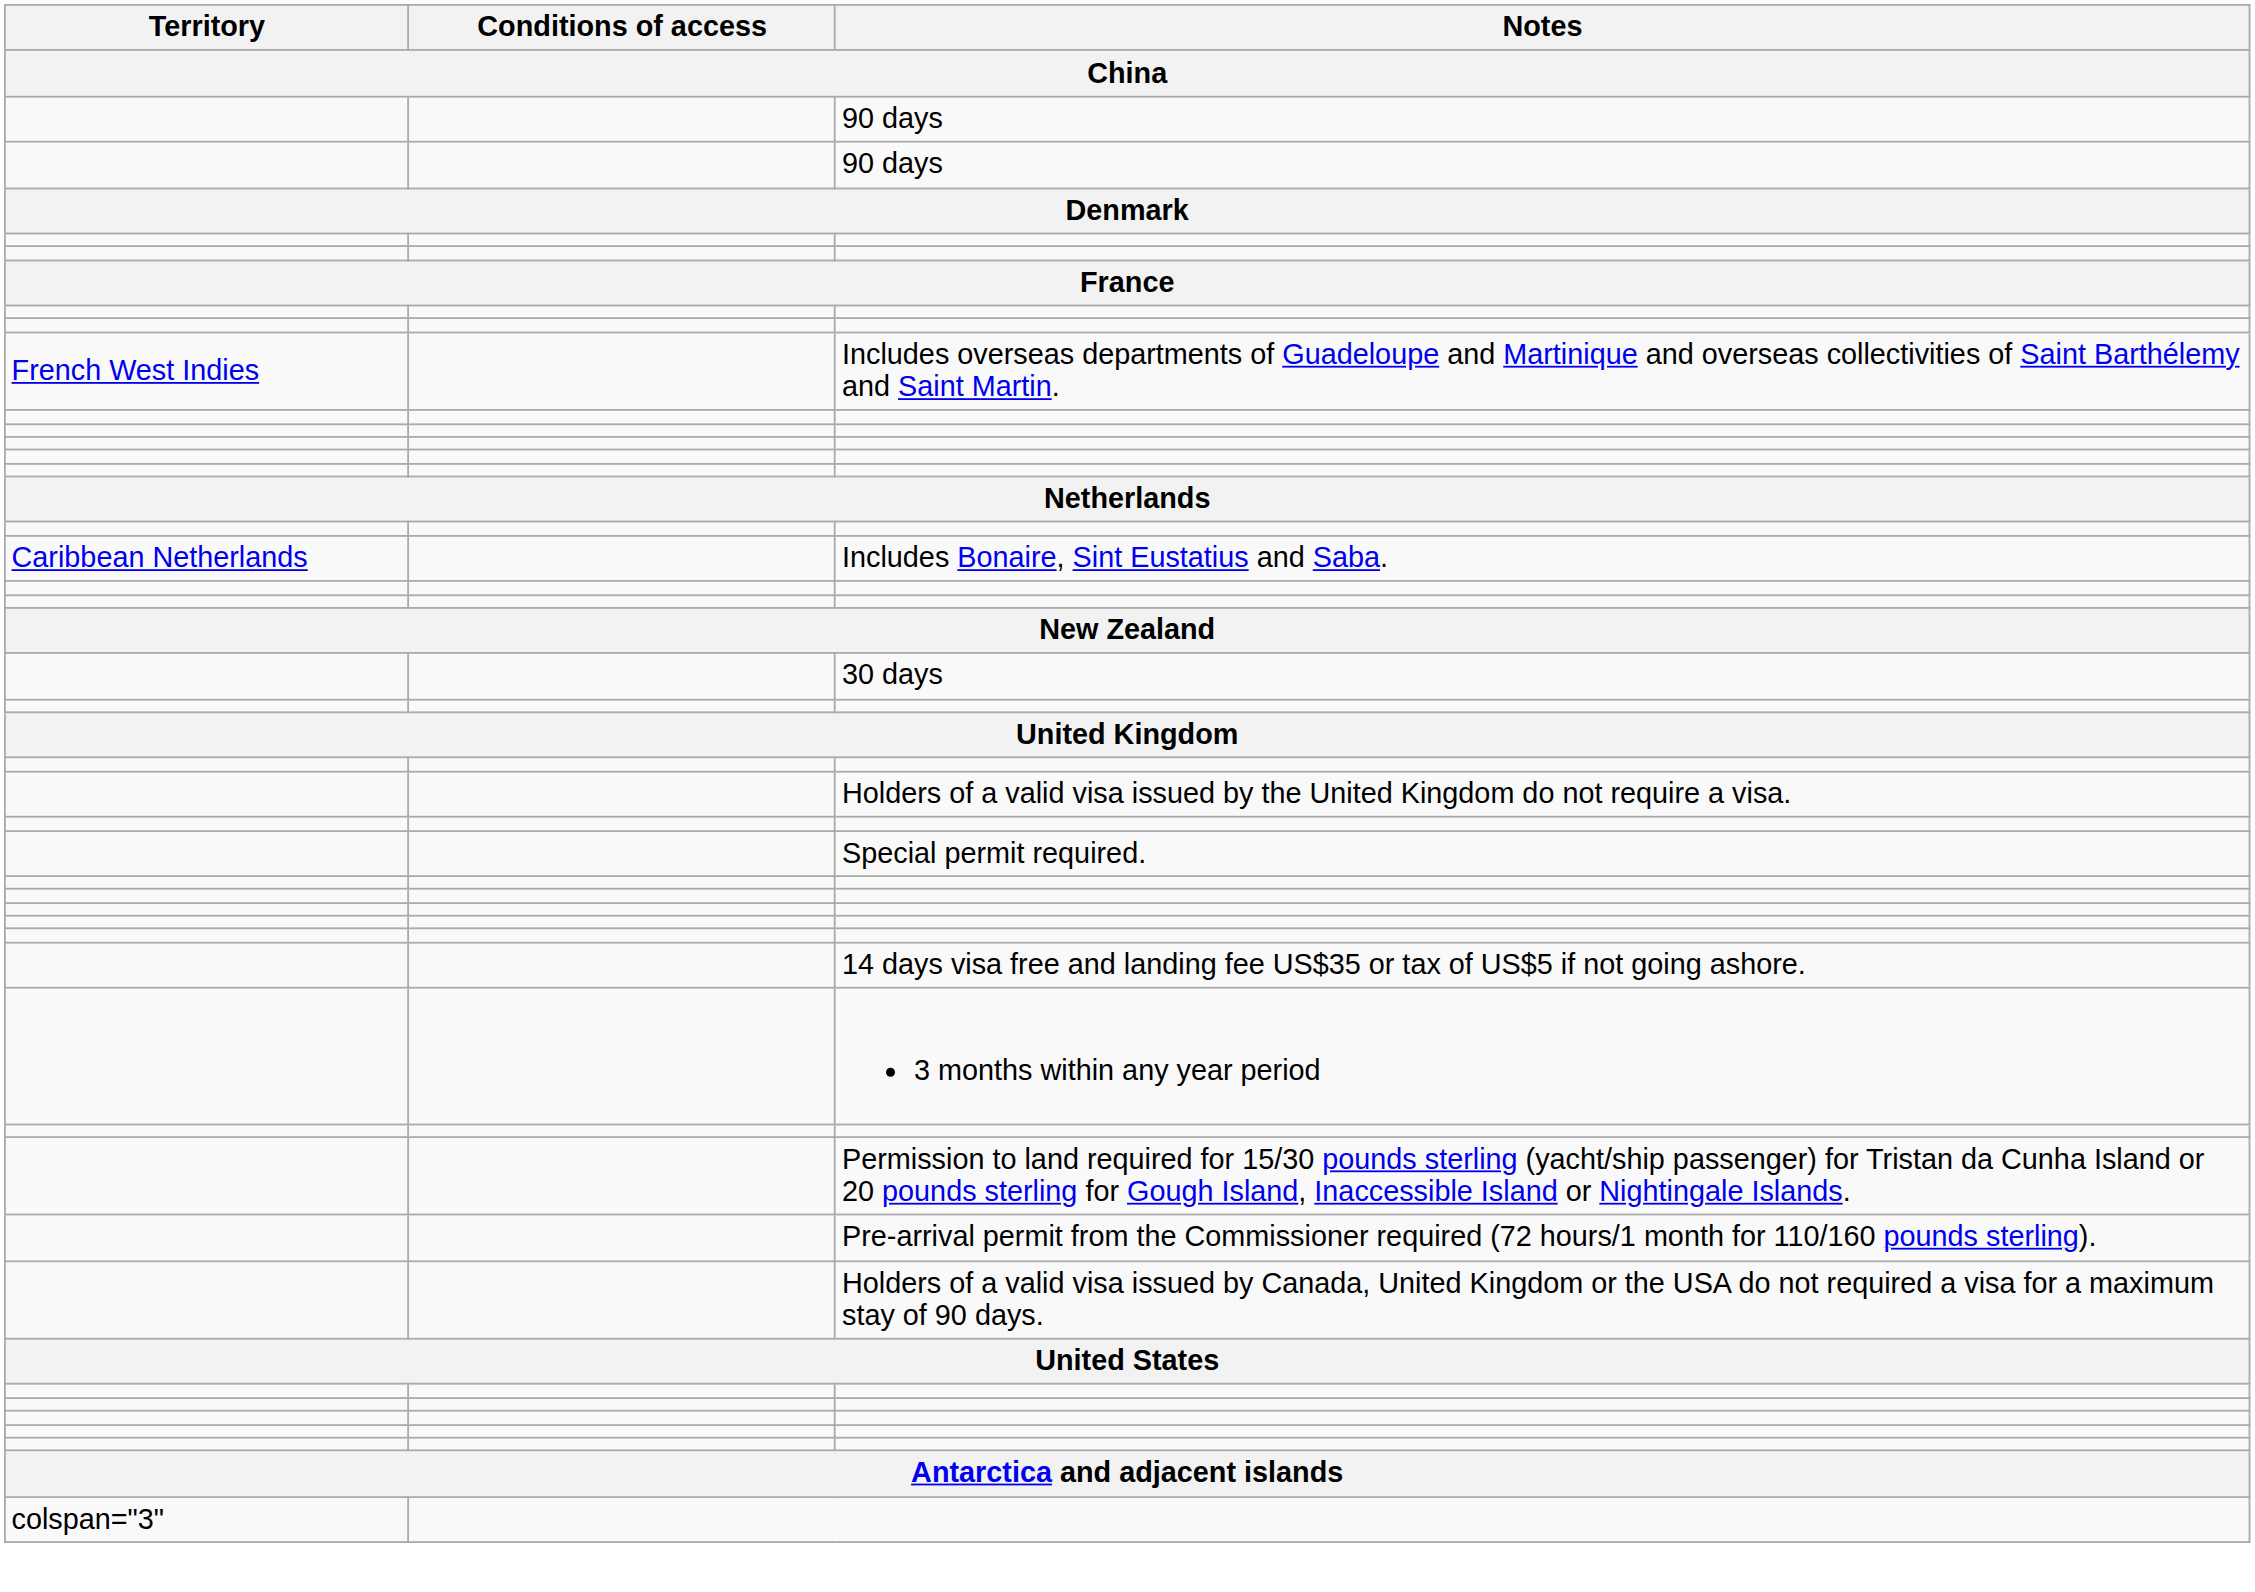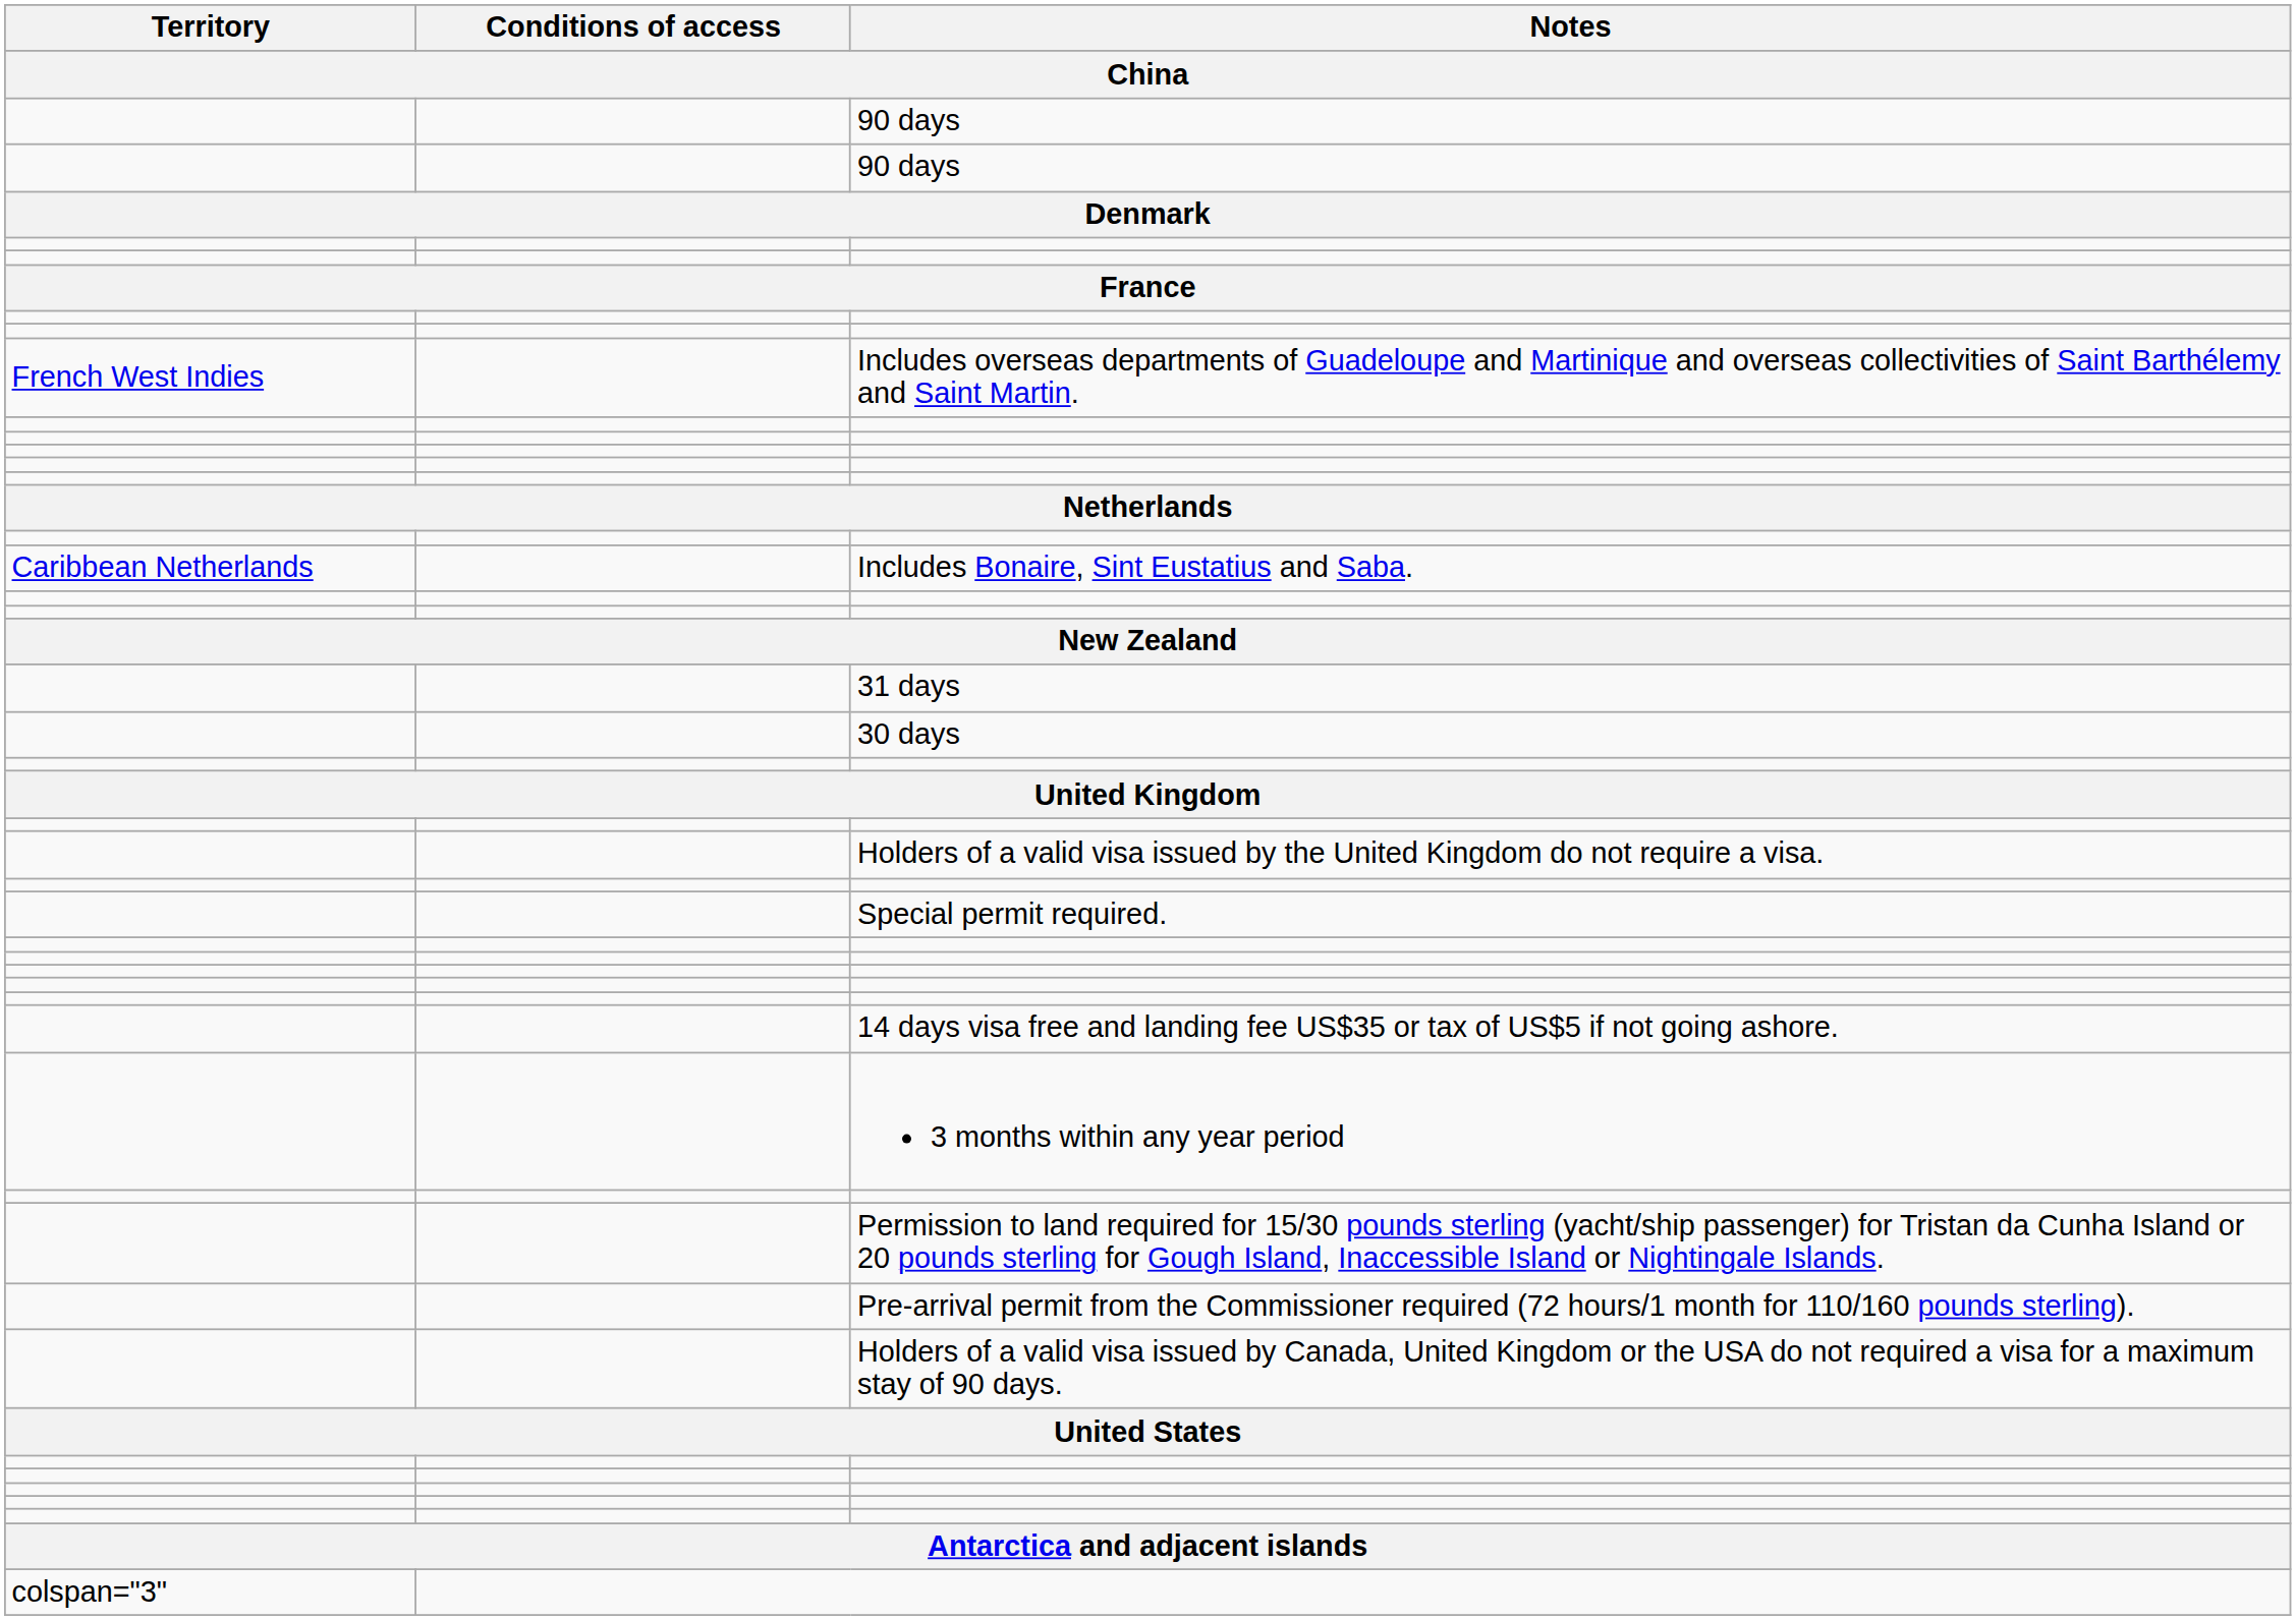 <table class="wikitable" style="text-align: left; table-layout: fixed;">
 <tr>
 <th style="width:18%;">Territory</th>
 <th style="width:19%;">Conditions of access</th>
 <th>Notes</th>
 </tr>
 <tr>
 <th colspan="3">China</th>
 </tr>
 <tr>
 <td></td>
 <td></td>
 <td>90 days</td>
 </tr>
 <tr>
 <td></td>
 <td></td>
 <td>90 days</td>
 </tr>
 <tr>
 <th colspan="3">Denmark</th>
 </tr>
 <tr>
 <td></td>
 <td></td>
 <td></td>
 </tr>
 <tr>
 <td></td>
 <td></td>
 <td></td>
 </tr>
 <tr>
 <th colspan="3">France</th>
 </tr>
 <tr>
 <td></td>
 <td></td>
 <td></td>
 </tr>
 <tr>
 <td></td>
 <td></td>
 <td></td>
 </tr>
 <tr>
 <td> <a href='#'>French West Indies</a></td>
 <td></td>
 <td>Includes overseas departments of <a href='#'>Guadeloupe</a> and <a href='#'>Martinique</a> and overseas collectivities of <a href='#'>Saint Barthélemy</a> and <a href='#'>Saint Martin</a>.</td>
 </tr>
 <tr>
 <td></td>
 <td></td>
 <td></td>
 </tr>
 <tr>
 <td></td>
 <td></td>
 <td></td>
 </tr>
 <tr>
 <td></td>
 <td></td>
 <td></td>
 </tr>
 <tr>
 <td></td>
 <td></td>
 <td></td>
 </tr>
 <tr>
 <td></td>
 <td></td>
 <td></td>
 </tr>
 <tr>
 <th colspan="3">Netherlands</th>
 </tr>
 <tr>
 <td></td>
 <td></td>
 <td></td>
 </tr>
 <tr>
 <td> <a href='#'>Caribbean Netherlands</a></td>
 <td></td>
 <td>Includes <a href='#'>Bonaire</a>, <a href='#'>Sint Eustatius</a> and <a href='#'>Saba</a>.</td>
 </tr>
 <tr>
 <td></td>
 <td></td>
 <td></td>
 </tr>
 <tr>
 <td></td>
 <td></td>
 <td></td>
 </tr>
 <tr>
 <th colspan="3">New Zealand</th>
+</tr>
+<tr>
+<td></td>
+<td></td>
+<td>31 days</td>
 </tr>
 <tr>
 <td></td>
 <td></td>
 <td>30 days</td>
 </tr>
 <tr>
 <td></td>
 <td></td>
 <td></td>
 </tr>
 <tr>
 <th colspan="3">United Kingdom</th>
 </tr>
 <tr>
 <td></td>
 <td></td>
 <td></td>
 </tr>
 <tr>
 <td></td>
 <td></td>
 <td>Holders of a valid visa issued by the United Kingdom do not require a visa.</td>
 </tr>
 <tr>
 <td></td>
 <td></td>
 <td></td>
 </tr>
 <tr>
 <td></td>
 <td></td>
 <td>Special permit required.</td>
 </tr>
 <tr>
 <td></td>
 <td></td>
 <td></td>
 </tr>
 <tr>
 <td></td>
 <td></td>
 <td></td>
 </tr>
 <tr>
 <td></td>
 <td></td>
 <td></td>
 </tr>
 <tr>
 <td></td>
 <td></td>
 <td></td>
 </tr>
 <tr>
 <td></td>
 <td></td>
 <td></td>
 </tr>
 <tr>
 <td></td>
 <td></td>
 <td>14 days visa free and landing fee US$35 or tax of US$5 if not going ashore.</td>
 </tr>
 <tr>
 <td></td>
 <td></td>
 <td><br><ul><li>3 months within any year period</li></ul></td>
 </tr>
 <tr>
 <td></td>
 <td></td>
 <td></td>
 </tr>
 <tr>
 <td></td>
 <td></td>
 <td>Permission to land required for 15/30 <a href='#'>pounds sterling</a> (yacht/ship passenger) for Tristan da Cunha Island or 20 <a href='#'>pounds sterling</a> for <a href='#'>Gough Island</a>, <a href='#'>Inaccessible Island</a> or <a href='#'>Nightingale Islands</a>.</td>
 </tr>
 <tr>
 <td></td>
 <td></td>
 <td>Pre-arrival permit from the Commissioner required (72 hours/1 month for 110/160 <a href='#'>pounds sterling</a>).</td>
 </tr>
 <tr>
 <td></td>
 <td></td>
 <td>Holders of a valid visa issued by Canada, United Kingdom or the USA do not required a visa for a maximum stay of 90 days.</td>
 </tr>
 <tr>
 <th colspan="3">United States</th>
 </tr>
 <tr>
 <td></td>
 <td></td>
 <td></td>
 </tr>
 <tr>
 <td></td>
 <td></td>
 <td></td>
 </tr>
 <tr>
 <td></td>
 <td></td>
 <td></td>
 </tr>
 <tr>
 <td></td>
 <td></td>
 <td></td>
 </tr>
 <tr>
 <td></td>
 <td></td>
 <td></td>
 </tr>
 <tr>
 <th colspan="3"><a href='#'>Antarctica</a> and adjacent islands</th>
 </tr>
 <tr>
 <td>colspan="3" </td>
 </tr>
 </table>
